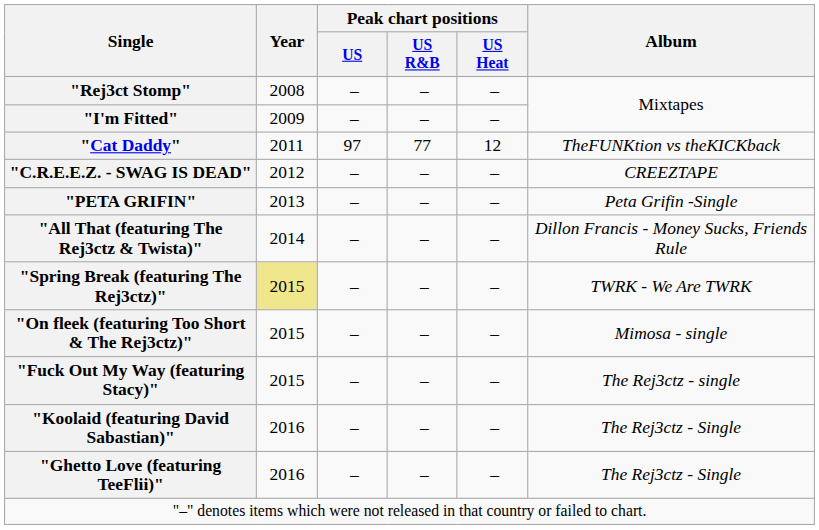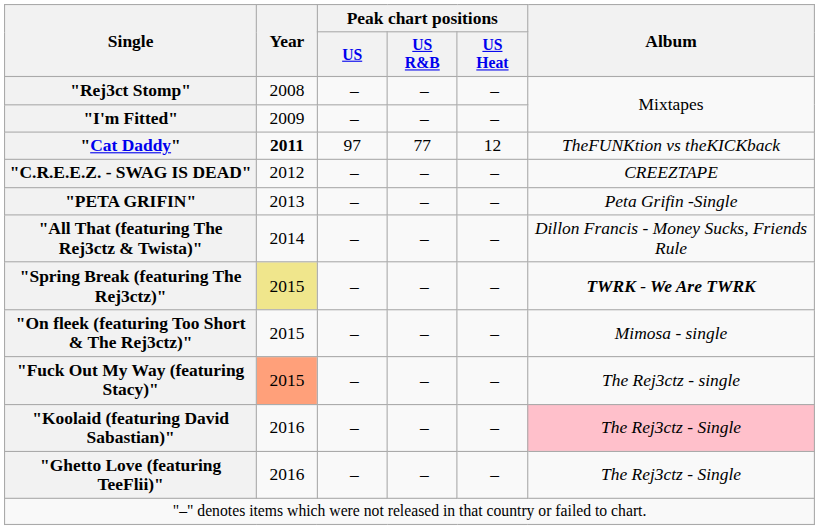 <table class="wikitable plainrowheaders" style="text-align:center;">
 <tr>
 <th scope="col" rowspan="2" style="width:14em;">Single</th>
 <th scope="col" rowspan="2" style="width:3em;">Year</th>
 <th scope="col" colspan="3">Peak chart positions</th>
 <th scope="col" rowspan="2" style="width:16em;">Album</th>
 </tr>
 <tr>
 <th scope="col" style="width:4em; font-size:90%;"><a href='#'>US</a><br></th>
 <th scope="col" style="width:4em; font-size:90%;"><a href='#'>US<br>R&B</a><br></th>
 <th scope="col" style="width:4em; font-size:90%;"><a href='#'>US<br>Heat</a><br></th>
 </tr>
 <tr>
 <th scope="row">"Rej3ct Stomp"</th>
 <td>2008</td>
 <td> –</td>
 <td> –</td>
 <td> –</td>
 <td rowspan=2>Mixtapes</td>
 </tr>
 <tr>
 <th scope="row">"I'm Fitted"</th>
 <td>2009</td>
 <td> –</td>
 <td> –</td>
 <td> –</td>
 </tr>
 <tr>
 <th scope="row">"<a href='#'>Cat Daddy</a>"</th>
-<td>2011</td>
+<td><strong>2011</strong></td>
 <td>97</td>
 <td>77</td>
 <td>12</td>
 <td><em>TheFUNKtion vs theKICKback</em></td>
 </tr>
 <tr>
 <th scope="row">"C.R.E.E.Z. - SWAG IS DEAD"</th>
 <td>2012</td>
 <td> –</td>
 <td> –</td>
 <td> –</td>
 <td><em>CREEZTAPE</em></td>
 </tr>
 <tr>
 <th scope="row">"PETA GRIFIN"</th>
 <td>2013</td>
 <td> –</td>
 <td> –</td>
 <td> –</td>
 <td><em>Peta Grifin -Single</em></td>
 </tr>
 <tr>
 <th scope="row">"All That (featuring The Rej3ctz & Twista)"</th>
 <td>2014</td>
 <td> –</td>
 <td> –</td>
 <td> –</td>
 <td><em>Dillon Francis - Money Sucks, Friends Rule</em></td>
 </tr>
 <tr>
 <th scope="row">"Spring Break (featuring The Rej3ctz)"</th>
 <td style="background: khaki;">2015</td>
 <td> –</td>
 <td> –</td>
 <td> –</td>
-<td><em>TWRK - We Are TWRK</em></td>
+<td><strong><em>TWRK - We Are TWRK</em></strong></td>
 </tr>
 <tr>
 <th scope="row">"On fleek (featuring Too Short & The Rej3ctz)"</th>
 <td>2015</td>
 <td> –</td>
 <td> –</td>
 <td> –</td>
 <td><em>Mimosa - single</em></td>
 </tr>
 <tr>
 <th scope="row">"Fuck Out My Way (featuring Stacy)"</th>
-<td>2015</td>
+<td style="background: lightsalmon;">2015</td>
 <td> –</td>
 <td> –</td>
 <td> –</td>
 <td><em>The Rej3ctz - single</em></td>
 </tr>
 <tr>
 <th scope="row">"Koolaid (featuring David Sabastian)"</th>
 <td>2016</td>
 <td> –</td>
 <td> –</td>
 <td> –</td>
-<td><em>The Rej3ctz - Single</em></td>
+<td style="background: pink;"><em>The Rej3ctz - Single</em></td>
 </tr>
 <tr>
 <th scope="row">"Ghetto Love (featuring TeeFlii)"</th>
 <td>2016</td>
 <td> –</td>
 <td> –</td>
 <td> –</td>
 <td><em>The Rej3ctz - Single</em></td>
 </tr>
 <tr>
 <td colspan="11" align="center" style="font-size:90%;">"–" denotes items which were not released in that country or failed to chart.</td>
 </tr>
 </table>
